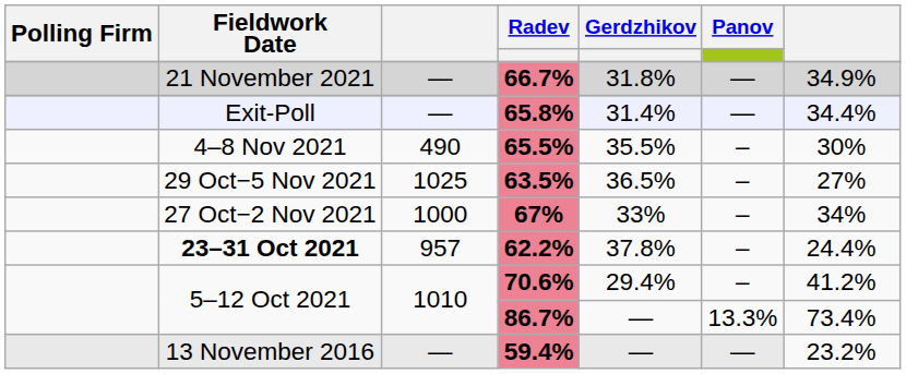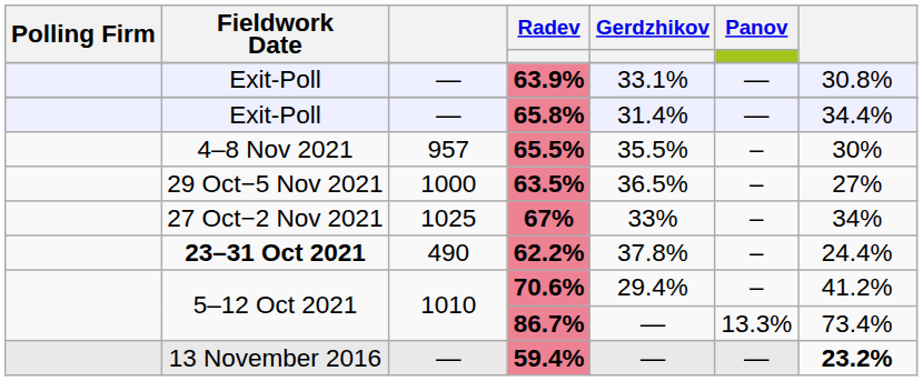 <table class="wikitable" style="text-align:center;font-size:95%;line-height:14px;">
 <tr>
 <th rowspan="2">Polling Firm</th>
 <th rowspan="2">Fieldwork<br>Date</th>
 <th rowspan="2" style="width:65px;" class=unsortable></th>
 <th><small><a href='#'>Radev</a></small></th>
 <th> <small><a href='#'>Gerdzhikov</a></small></th>
 <th><small><a href='#'>Panov</a></small></th>
 <th rowspan="2" style="width:65px;" class=unsortable></th>
 </tr>
 <tr>
 <th data-sort-type="number" style="background:"></th>
 <th data-sort-type="number" style="background:"></th>
 <th data-sort-type="number" style="background:#A1C619" ></th>
 </tr>
 <tr>
 </tr>
-<tr style="background:#D5D5D5;">
+<tr style="background:#EEEFFF"|>
 <td></td>
-<td>21 November 2021</td>
+<td>Exit-Poll</td>
 <td>—</td>
-<td style="background:#ED8294"><strong>66.7%</strong></td>
-<td>31.8%</td>
+<td style="background:#ED8294"><strong>63.9%</strong></td>
+<td>33.1%</td>
 <td>—</td>
-<td style="background:">34.9%</td>
+<td style="background:">30.8%</td>
 </tr>
 <tr>
 </tr>
 <tr style="background:#EEEFFF"|>
 <td></td>
 <td>Exit-Poll</td>
 <td>—</td>
 <td style="background:#ED8294"><strong>65.8%</strong></td>
 <td>31.4%</td>
 <td>—</td>
 <td style="background:">34.4%</td>
 </tr>
 <tr>
 <td></td>
 <td data-sort-value="2021-11-08">4–8 Nov 2021</td>
-<td>490</td>
+<td>957</td>
 <td style="background:#ED8294"><strong>65.5%</strong></td>
 <td>35.5%</td>
 <td>–</td>
 <td style="background:">30%</td>
 </tr>
 <tr>
 <td></td>
 <td>29 Oct−5 Nov 2021</td>
-<td>1025</td>
+<td>1000</td>
 <td style="background:#ED8294"><strong>63.5%</strong></td>
 <td>36.5%</td>
 <td>–</td>
 <td style="background:">27%</td>
 </tr>
 <tr>
 <td></td>
 <td>27 Oct−2 Nov 2021</td>
-<td>1000</td>
+<td>1025</td>
 <td style="background:#ED8294"><strong>67%</strong></td>
 <td>33%</td>
 <td>–</td>
 <td style="background:">34%</td>
 </tr>
 <tr>
 <td></td>
 <td><strong>23–31 Oct 2021</strong></td>
-<td>957</td>
+<td>490</td>
 <td style="background:#ED8294"><strong>62.2%</strong></td>
 <td>37.8%</td>
 <td>–</td>
 <td style="background:">24.4%</td>
 </tr>
 <tr>
 <td rowspan=2></td>
 <td rowspan=2>5–12 Oct 2021</td>
 <td rowspan=2>1010</td>
 <td style="background:#ED8294"><strong>70.6%</strong></td>
 <td>29.4%</td>
 <td>–</td>
 <td style="background:">41.2%</td>
 </tr>
 <tr>
 <td style="background:#ED8294"><strong>86.7%</strong></td>
 <td>—</td>
 <td>13.3%</td>
 <td style="background:">73.4%</td>
 </tr>
 <tr>
 <td style="background:#E9E9E9;"></td>
 <td style="background:#E9E9E9;">13 November 2016</td>
 <td style="background:#E9E9E9;">—</td>
 <td style="background:#ED8294"><strong>59.4%</strong></td>
 <td style="background:#E9E9E9;">—</td>
 <td style="background:#E9E9E9;">—</td>
-<td style="background:">23.2%</td>
+<td style="background:"><strong>23.2%</strong></td>
 </tr>
 </table>
